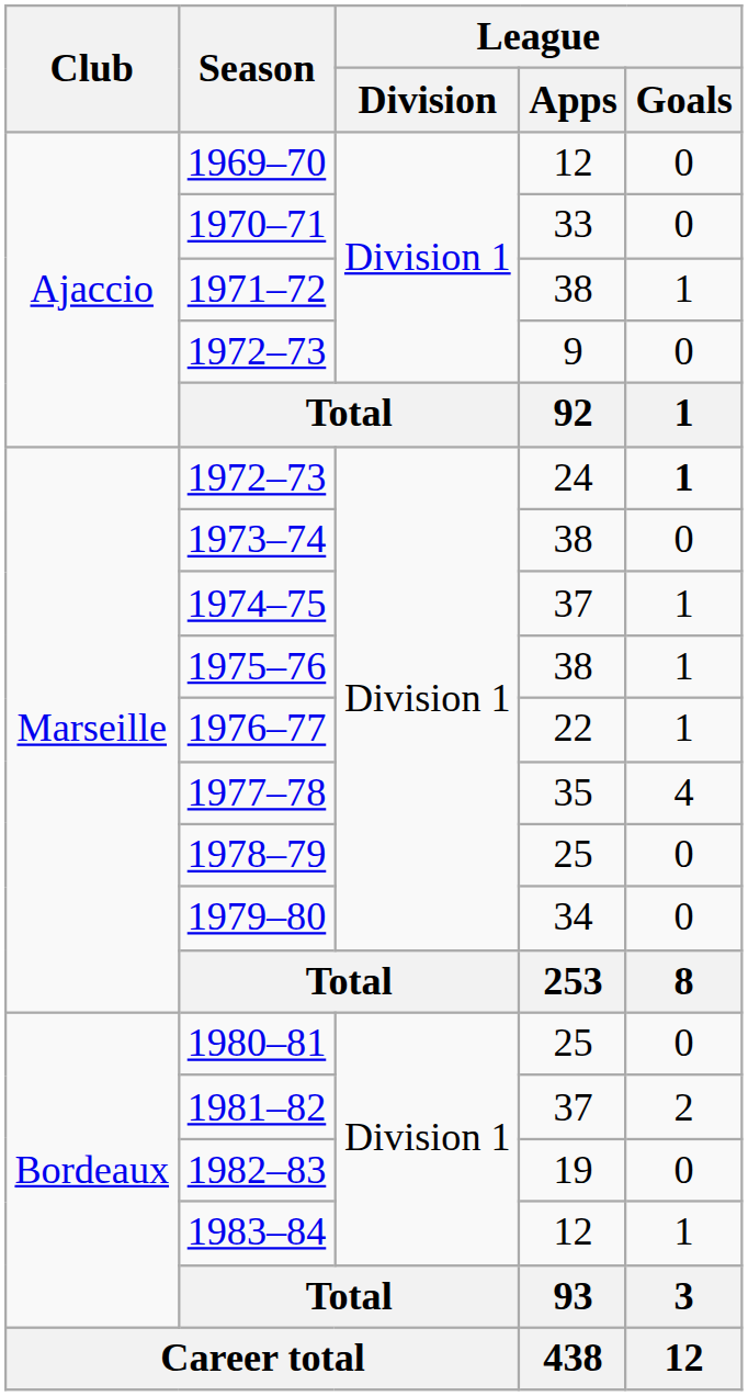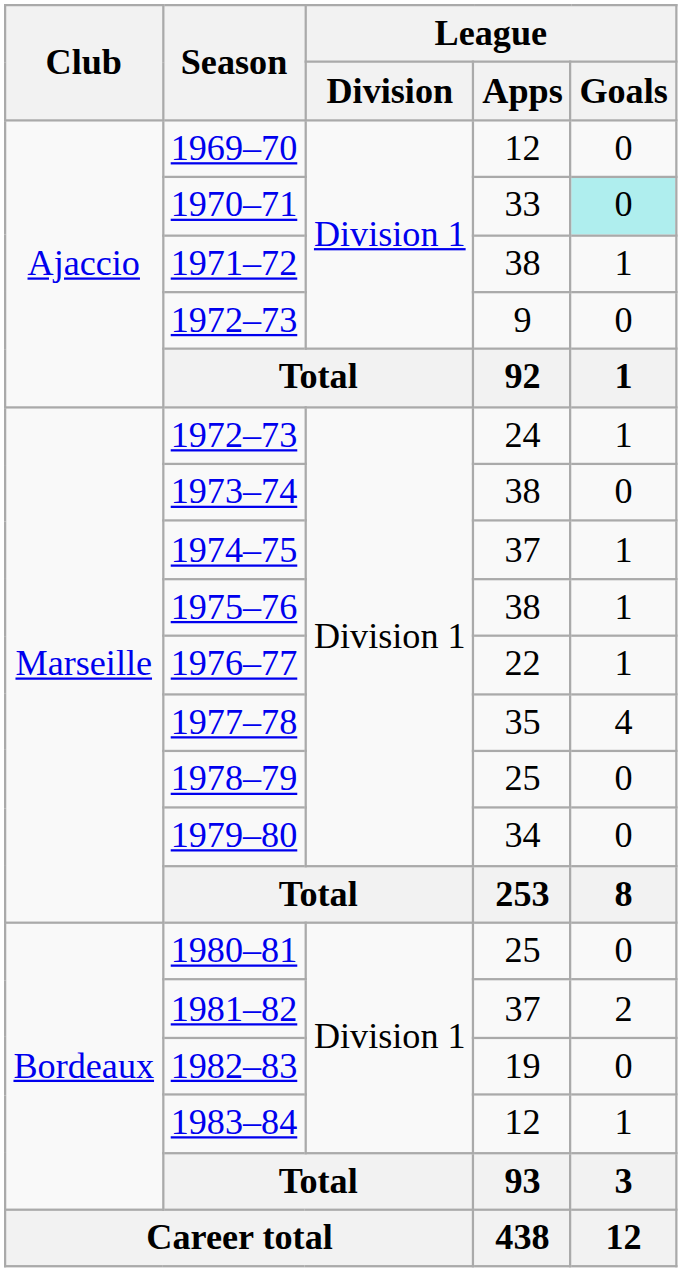 <table class="wikitable" style="text-align: center;">
 <tr>
 <th rowspan="2">Club</th>
 <th rowspan="2">Season</th>
 <th colspan="3">League</th>
 </tr>
 <tr>
 <th>Division</th>
 <th>Apps</th>
 <th>Goals</th>
 </tr>
 <tr>
 <td rowspan="5"><a href='#'>Ajaccio</a></td>
 <td><a href='#'>1969–70</a></td>
 <td rowspan="4"><a href='#'>Division 1</a></td>
 <td>12</td>
 <td>0</td>
 </tr>
 <tr>
 <td><a href='#'>1970–71</a></td>
 <td>33</td>
-<td>0</td>
+<td style="background: paleturquoise;">0</td>
 </tr>
 <tr>
 <td><a href='#'>1971–72</a></td>
 <td>38</td>
 <td>1</td>
 </tr>
 <tr>
 <td><a href='#'>1972–73</a></td>
 <td>9</td>
 <td>0</td>
 </tr>
 <tr>
 <th colspan="2">Total</th>
 <th>92</th>
 <th>1</th>
 </tr>
 <tr>
 <td rowspan="9"><a href='#'>Marseille</a></td>
 <td><a href='#'>1972–73</a></td>
 <td rowspan="8">Division 1</td>
 <td>24</td>
-<td><strong>1</strong></td>
+<td>1</td>
 </tr>
 <tr>
 <td><a href='#'>1973–74</a></td>
 <td>38</td>
 <td>0</td>
 </tr>
 <tr>
 <td><a href='#'>1974–75</a></td>
 <td>37</td>
 <td>1</td>
 </tr>
 <tr>
 <td><a href='#'>1975–76</a></td>
 <td>38</td>
 <td>1</td>
 </tr>
 <tr>
 <td><a href='#'>1976–77</a></td>
 <td>22</td>
 <td>1</td>
 </tr>
 <tr>
 <td><a href='#'>1977–78</a></td>
 <td>35</td>
 <td>4</td>
 </tr>
 <tr>
 <td><a href='#'>1978–79</a></td>
 <td>25</td>
 <td>0</td>
 </tr>
 <tr>
 <td><a href='#'>1979–80</a></td>
 <td>34</td>
 <td>0</td>
 </tr>
 <tr>
 <th colspan="2">Total</th>
 <th>253</th>
 <th>8</th>
 </tr>
 <tr>
 <td rowspan="5"><a href='#'>Bordeaux</a></td>
 <td><a href='#'>1980–81</a></td>
 <td rowspan="4">Division 1</td>
 <td>25</td>
 <td>0</td>
 </tr>
 <tr>
 <td><a href='#'>1981–82</a></td>
 <td>37</td>
 <td>2</td>
 </tr>
 <tr>
 <td><a href='#'>1982–83</a></td>
 <td>19</td>
 <td>0</td>
 </tr>
 <tr>
 <td><a href='#'>1983–84</a></td>
 <td>12</td>
 <td>1</td>
 </tr>
 <tr>
 <th colspan="2">Total</th>
 <th>93</th>
 <th>3</th>
 </tr>
 <tr>
 <th colspan="3">Career total</th>
 <th>438</th>
 <th>12</th>
 </tr>
 </table>
